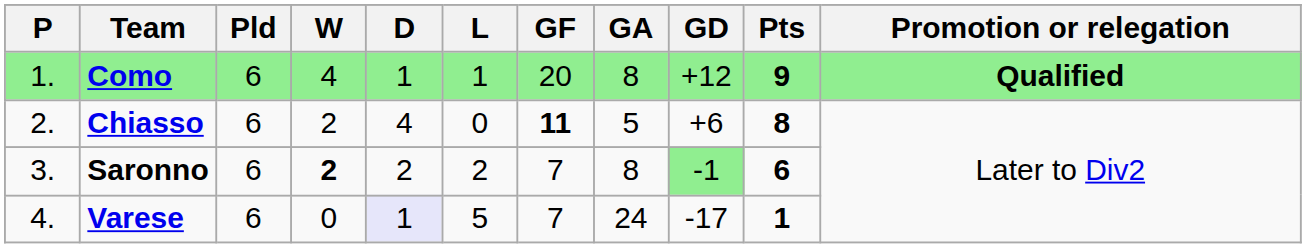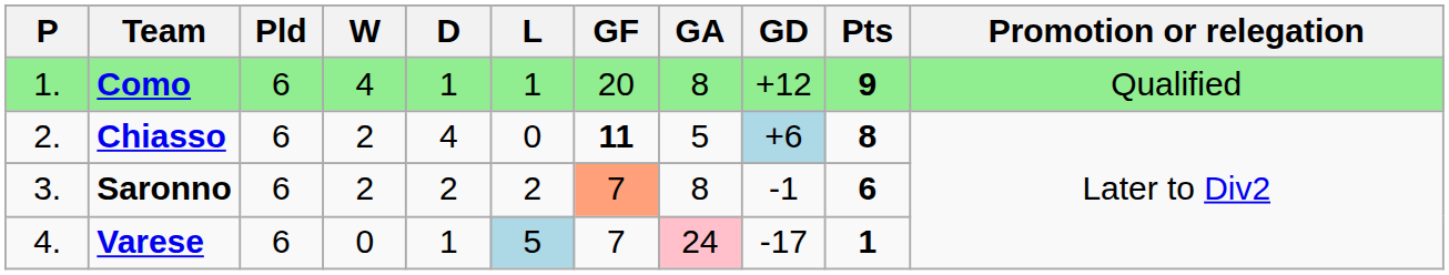 <table class="wikitable sortable" style="text-align: center;">
 <tr>
 <th width=33>P<br></th>
 <th>Team<br></th>
 <th width=33>Pld<br></th>
 <th width=33>W<br></th>
 <th width=33>D<br></th>
 <th width=33>L<br></th>
 <th width=33>GF<br></th>
 <th width=33>GA<br></th>
 <th width=33>GD<br></th>
 <th width=33>Pts<br></th>
 <th class="unsortable" width=250>Promotion or relegation<br></th>
 </tr>
 <tr style="background: #90EE90;">
 <td>1.</td>
 <td align="left"><strong><a href='#'>Como</a></strong></td>
 <td>6</td>
 <td>4</td>
 <td>1</td>
 <td>1</td>
 <td>20</td>
 <td>8</td>
 <td>+12</td>
 <td><strong>9</strong></td>
-<td><strong>Qualified</strong></td>
+<td>Qualified</td>
 </tr>
 <tr>
 <td>2.</td>
 <td align="left"><strong><a href='#'>Chiasso</a></strong></td>
 <td>6</td>
 <td>2</td>
 <td>4</td>
 <td>0</td>
 <td><strong>11</strong></td>
 <td>5</td>
-<td>+6</td>
+<td style="background: lightblue;">+6</td>
 <td><strong>8</strong></td>
 <td rowspan=3>Later to <a href='#'>Div2</a></td>
 </tr>
 <tr>
 <td>3.</td>
 <td align="left"><strong>Saronno</strong></td>
 <td>6</td>
-<td><strong>2</strong></td>
 <td>2</td>
 <td>2</td>
-<td>7</td>
+<td>2</td>
+<td style="background: lightsalmon;">7</td>
 <td>8</td>
-<td style="background: lightgreen;">-1</td>
+<td>-1</td>
 <td><strong>6</strong></td>
 </tr>
 <tr>
 <td>4.</td>
 <td align="left"><strong><a href='#'>Varese</a></strong></td>
 <td>6</td>
 <td>0</td>
-<td style="background: lavender;">1</td>
-<td>5</td>
+<td>1</td>
+<td style="background: lightblue;">5</td>
 <td>7</td>
-<td>24</td>
+<td style="background: pink;">24</td>
 <td>-17</td>
 <td><strong>1</strong></td>
 </tr>
 </table>
